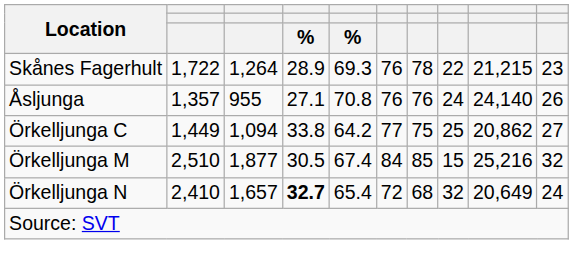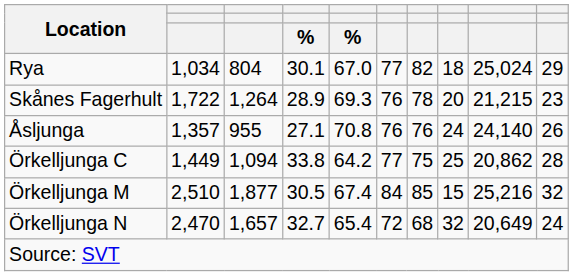 <table role="presentation" class="wikitable sortable mw-collapsible">
 <tr>
 <th rowspan="3">Location</th>
 <th></th>
 <th></th>
 <th></th>
 <th></th>
 <th></th>
 <th></th>
 <th></th>
 <th></th>
 <th></th>
 </tr>
 <tr>
 <th></th>
 <th></th>
 <th style="background:"></th>
 <th style="background:"></th>
 <th></th>
 <th></th>
 <th></th>
 <th></th>
 <th></th>
 </tr>
 <tr>
 <th data-sort-type="number"></th>
 <th data-sort-type="number"></th>
 <th data-sort-type="number">%</th>
 <th data-sort-type="number">%</th>
 <th data-sort-type="number"></th>
 <th data-sort-type="number"></th>
 <th data-sort-type="number"></th>
 <th data-sort-type="number"></th>
 <th data-sort-type="number"></th>
 </tr>
 <tr>
+<td align="left">Rya</td>
+<td>1,034</td>
+<td>804</td>
+<td>30.1</td>
+<td>67.0</td>
+<td>77</td>
+<td>82</td>
+<td>18</td>
+<td>25,024</td>
+<td>29</td>
+</tr>
+<tr>
 <td align="left">Skånes Fagerhult</td>
 <td>1,722</td>
 <td>1,264</td>
 <td>28.9</td>
 <td>69.3</td>
 <td>76</td>
 <td>78</td>
-<td>22</td>
+<td>20</td>
 <td>21,215</td>
 <td>23</td>
 </tr>
 <tr>
 <td align="left">Åsljunga</td>
 <td>1,357</td>
 <td>955</td>
 <td>27.1</td>
 <td>70.8</td>
 <td>76</td>
 <td>76</td>
 <td>24</td>
 <td>24,140</td>
 <td>26</td>
 </tr>
 <tr>
 <td align="left">Örkelljunga C</td>
 <td>1,449</td>
 <td>1,094</td>
 <td>33.8</td>
 <td>64.2</td>
 <td>77</td>
 <td>75</td>
 <td>25</td>
 <td>20,862</td>
-<td>27</td>
+<td>28</td>
 </tr>
 <tr>
 <td align="left">Örkelljunga M</td>
 <td>2,510</td>
 <td>1,877</td>
 <td>30.5</td>
 <td>67.4</td>
 <td>84</td>
 <td>85</td>
 <td>15</td>
 <td>25,216</td>
 <td>32</td>
 </tr>
 <tr>
 <td align="left">Örkelljunga N</td>
-<td>2,410</td>
+<td>2,470</td>
 <td>1,657</td>
-<td><strong>32.7</strong></td>
+<td>32.7</td>
 <td>65.4</td>
 <td>72</td>
 <td>68</td>
 <td>32</td>
 <td>20,649</td>
 <td>24</td>
 </tr>
 <tr>
 <td colspan="10" align="left">Source: <a href='#'>SVT</a></td>
 </tr>
 </table>
